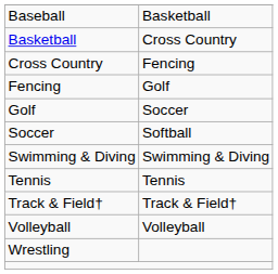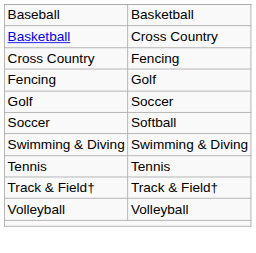 <table class="wikitable">
 <tr>
 </tr>
 <tr>
 <td>Baseball</td>
 <td>Basketball</td>
 </tr>
 <tr>
 <td><a href='#'>Basketball</a></td>
 <td>Cross Country</td>
 </tr>
 <tr>
 <td>Cross Country</td>
 <td>Fencing</td>
 </tr>
 <tr>
 <td>Fencing</td>
 <td>Golf</td>
 </tr>
 <tr>
 <td>Golf</td>
 <td>Soccer</td>
 </tr>
 <tr>
 <td>Soccer</td>
 <td>Softball</td>
 </tr>
 <tr>
 <td>Swimming & Diving</td>
 <td>Swimming & Diving</td>
 </tr>
 <tr>
 <td>Tennis</td>
 <td>Tennis</td>
 </tr>
 <tr>
 <td>Track & Field†</td>
 <td>Track & Field†</td>
 </tr>
 <tr>
 <td>Volleyball</td>
 <td>Volleyball</td>
 </tr>
 <tr>
-<td>Wrestling</td>
-<td></td>
-</tr>
-<tr>
 <td colspan="2"></td>
 </tr>
 </table>
